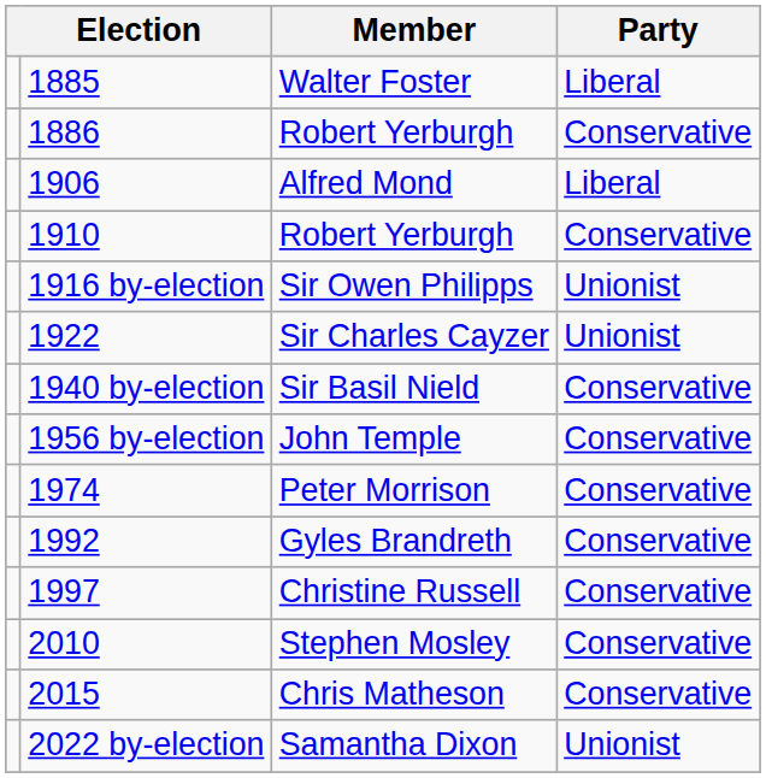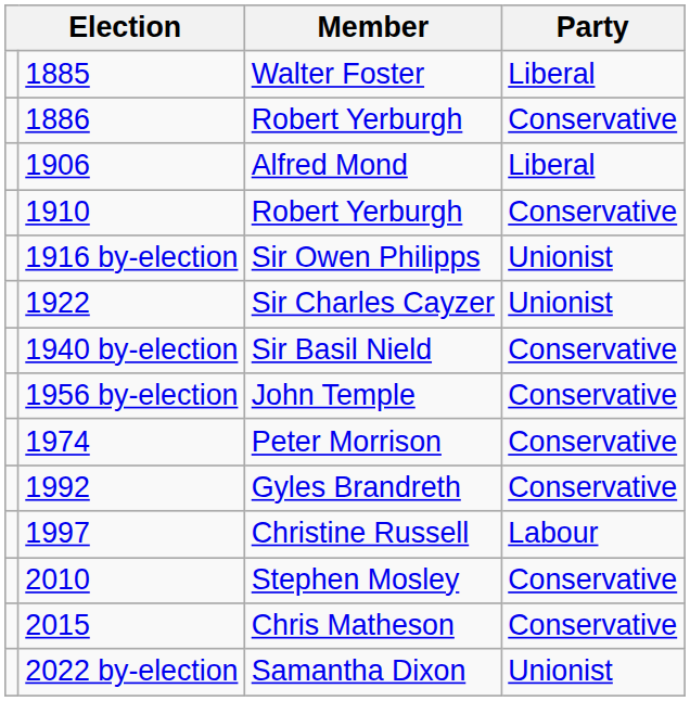 <table class="wikitable">
 <tr>
 <th colspan="2">Election</th>
 <th>Member</th>
 <th>Party</th>
 </tr>
 <tr>
 <td style="color:inherit;background-color: "></td>
 <td><a href='#'>1885</a></td>
 <td><a href='#'>Walter Foster</a></td>
 <td><a href='#'>Liberal</a></td>
 </tr>
 <tr>
 <td style="color:inherit;background-color: "></td>
 <td><a href='#'>1886</a></td>
 <td><a href='#'>Robert Yerburgh</a></td>
 <td><a href='#'>Conservative</a></td>
 </tr>
 <tr>
 <td style="color:inherit;background-color: "></td>
 <td><a href='#'>1906</a></td>
 <td><a href='#'>Alfred Mond</a></td>
 <td><a href='#'>Liberal</a></td>
 </tr>
 <tr>
 <td style="color:inherit;background-color: "></td>
 <td><a href='#'>1910</a></td>
 <td><a href='#'>Robert Yerburgh</a></td>
 <td><a href='#'>Conservative</a></td>
 </tr>
 <tr>
 <td style="color:inherit;background-color: "></td>
 <td><a href='#'>1916 by-election</a></td>
 <td><a href='#'>Sir Owen Philipps</a></td>
 <td><a href='#'>Unionist</a></td>
 </tr>
 <tr>
 <td style="color:inherit;background-color: "></td>
 <td><a href='#'>1922</a></td>
 <td><a href='#'>Sir Charles Cayzer</a></td>
 <td><a href='#'>Unionist</a></td>
 </tr>
 <tr>
 <td style="color:inherit;background-color: "></td>
 <td><a href='#'>1940 by-election</a></td>
 <td><a href='#'>Sir Basil Nield</a></td>
 <td><a href='#'>Conservative</a></td>
 </tr>
 <tr>
 <td style="color:inherit;background-color: "></td>
 <td><a href='#'>1956 by-election</a></td>
 <td><a href='#'>John Temple</a></td>
 <td><a href='#'>Conservative</a></td>
 </tr>
 <tr>
 <td style="color:inherit;background-color: "></td>
 <td><a href='#'>1974</a></td>
 <td><a href='#'>Peter Morrison</a></td>
 <td><a href='#'>Conservative</a></td>
 </tr>
 <tr>
 <td style="color:inherit;background-color: "></td>
 <td><a href='#'>1992</a></td>
 <td><a href='#'>Gyles Brandreth</a></td>
 <td><a href='#'>Conservative</a></td>
 </tr>
 <tr>
 <td style="color:inherit;background-color: "></td>
 <td><a href='#'>1997</a></td>
 <td><a href='#'>Christine Russell</a></td>
-<td><a href='#'>Conservative</a></td>
+<td><a href='#'>Labour</a></td>
 </tr>
 <tr>
 <td style="color:inherit;background-color: "></td>
 <td><a href='#'>2010</a></td>
 <td><a href='#'>Stephen Mosley</a></td>
 <td><a href='#'>Conservative</a></td>
 </tr>
 <tr>
 <td style="color:inherit;background-color: "></td>
 <td><a href='#'>2015</a></td>
 <td><a href='#'>Chris Matheson</a></td>
 <td><a href='#'>Conservative</a></td>
 </tr>
 <tr>
 <td style="color:inherit;background-color: "></td>
 <td><a href='#'>2022 by-election</a></td>
 <td><a href='#'>Samantha Dixon</a></td>
 <td><a href='#'>Unionist</a></td>
 </tr>
 </table>
